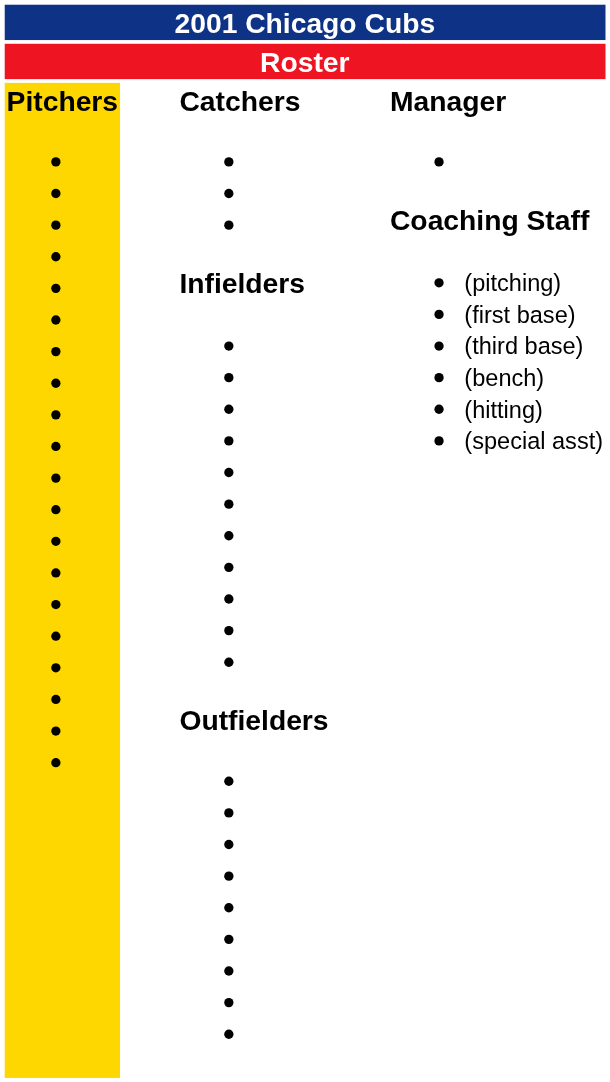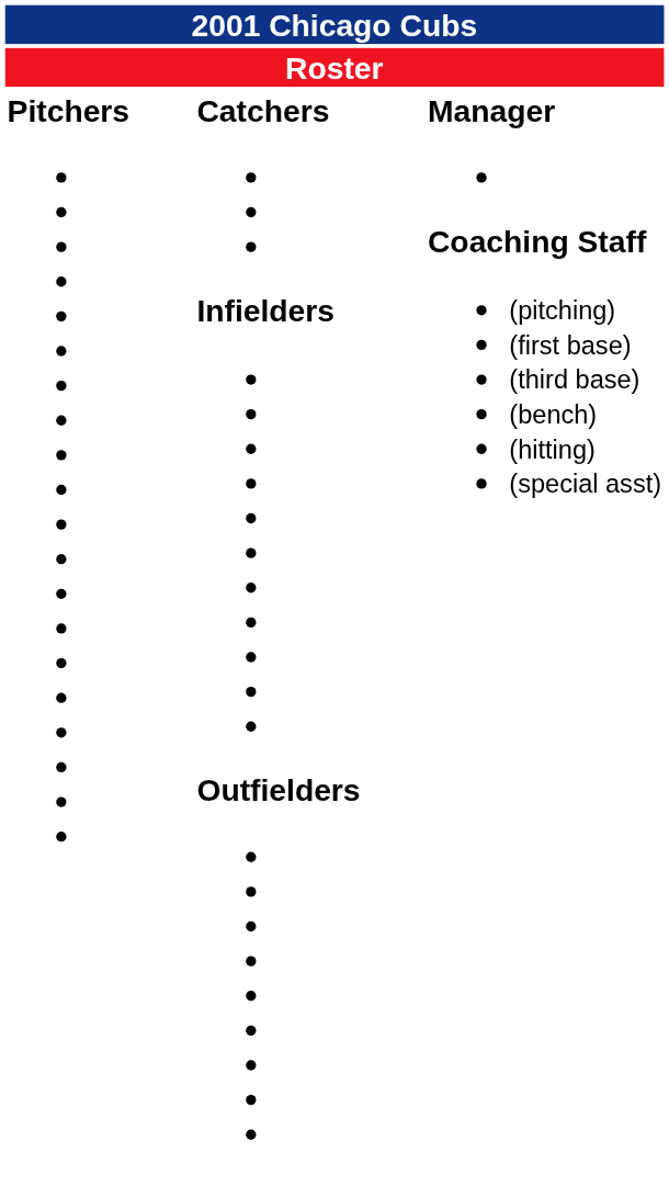 <table class="toccolours" style="font-size: 95%;">
 <tr>
 <th colspan="10" style="background-color: #0e3386; color: #FFFFFF; text-align: center;">2001 Chicago Cubs</th>
 </tr>
 <tr>
 <td colspan="10" style="background-color: #EE1422; color: #FFFFFF; text-align: center;"><strong>Roster</strong></td>
 </tr>
 <tr>
-<td valign="top" style="background: gold;"><strong>Pitchers</strong><br><ul><li></li><li></li><li></li><li></li><li></li><li></li><li></li><li></li><li></li><li></li><li></li><li></li><li></li><li></li><li></li><li></li><li></li><li></li><li></li><li></li></ul></td>
+<td valign="top"><strong>Pitchers</strong><br><ul><li></li><li></li><li></li><li></li><li></li><li></li><li></li><li></li><li></li><li></li><li></li><li></li><li></li><li></li><li></li><li></li><li></li><li></li><li></li><li></li></ul></td>
 <td width="25px"></td>
 <td valign="top"><strong>Catchers</strong><br><ul><li></li><li></li><li></li></ul><strong>Infielders</strong><ul><li></li><li></li><li></li><li></li><li></li><li></li><li></li><li></li><li></li><li></li><li></li></ul><strong>Outfielders</strong><ul><li></li><li></li><li></li><li></li><li></li><li></li><li></li><li></li><li></li></ul></td>
 <td width="25px"></td>
 <td valign="top"><strong>Manager</strong><br><ul><li></li></ul><strong>Coaching Staff</strong><ul><li> <small>(pitching)</small></li><li> <small>(first base)</small></li><li> <small>(third base)</small></li><li> <small>(bench)</small></li><li> <small>(hitting)</small></li><li> <small>(special asst)</small></li></ul></td>
 </tr>
 </table>
